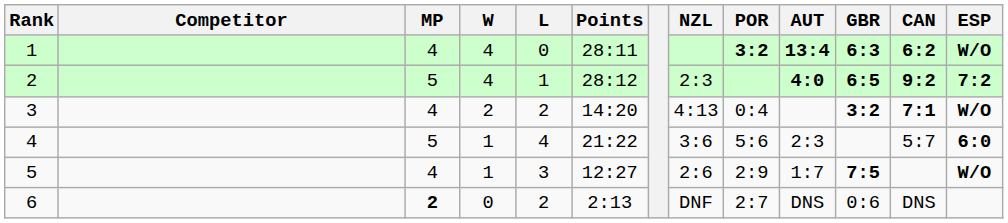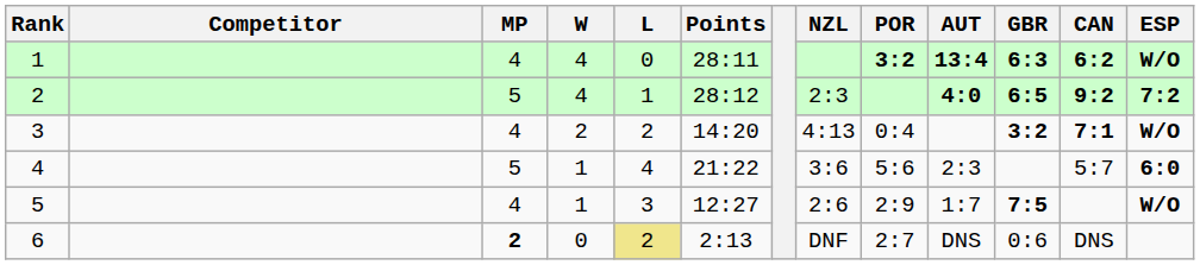 <table class="wikitable" style="text-align:center">
 <tr>
 <th>Rank</th>
 <th style="width:18em">Competitor</th>
 <th style="width:2.5em">MP</th>
 <th style="width:2.5em">W</th>
 <th style="width:2.5em">L</th>
 <th>Points</th>
 <th rowspan="7"> </th>
 <th style="width:2.5em">NZL</th>
 <th style="width:2.5em">POR</th>
 <th style="width:2.5em">AUT</th>
 <th style="width:2.5em">GBR</th>
 <th style="width:2.5em">CAN</th>
 <th style="width:2.5em">ESP</th>
 </tr>
 <tr style="background:#cfc;">
 <td>1</td>
 <td style="text-align:left"></td>
 <td>4</td>
 <td>4</td>
 <td>0</td>
 <td>28:11</td>
 <td></td>
 <td><strong>3:2</strong></td>
 <td><strong>13:4</strong></td>
 <td><strong>6:3</strong></td>
 <td><strong>6:2</strong></td>
 <td><strong>W/O</strong></td>
 </tr>
 <tr style="background:#cfc;">
 <td>2</td>
 <td style="text-align:left"></td>
 <td>5</td>
 <td>4</td>
 <td>1</td>
 <td>28:12</td>
 <td>2:3</td>
 <td></td>
 <td><strong>4:0</strong></td>
 <td><strong>6:5</strong></td>
 <td><strong>9:2</strong></td>
 <td><strong>7:2</strong></td>
 </tr>
 <tr>
 <td>3</td>
 <td style="text-align:left"></td>
 <td>4</td>
 <td>2</td>
 <td>2</td>
 <td>14:20</td>
 <td>4:13</td>
 <td>0:4</td>
 <td></td>
 <td><strong>3:2</strong></td>
 <td><strong>7:1</strong></td>
 <td><strong>W/O</strong></td>
 </tr>
 <tr>
 <td>4</td>
 <td style="text-align:left"></td>
 <td>5</td>
 <td>1</td>
 <td>4</td>
 <td>21:22</td>
 <td>3:6</td>
 <td>5:6</td>
 <td>2:3</td>
 <td></td>
 <td>5:7</td>
 <td><strong>6:0</strong></td>
 </tr>
 <tr>
 <td>5</td>
 <td style="text-align:left"></td>
 <td>4</td>
 <td>1</td>
 <td>3</td>
 <td>12:27</td>
 <td>2:6</td>
 <td>2:9</td>
 <td>1:7</td>
 <td><strong>7:5</strong></td>
 <td></td>
 <td><strong>W/O</strong></td>
 </tr>
 <tr>
 <td>6</td>
 <td style="text-align:left"></td>
 <td><strong>2</strong></td>
 <td>0</td>
-<td>2</td>
+<td style="background: khaki;">2</td>
 <td>2:13</td>
 <td>DNF</td>
 <td>2:7</td>
 <td>DNS</td>
 <td>0:6</td>
 <td>DNS</td>
 <td></td>
 </tr>
 </table>
